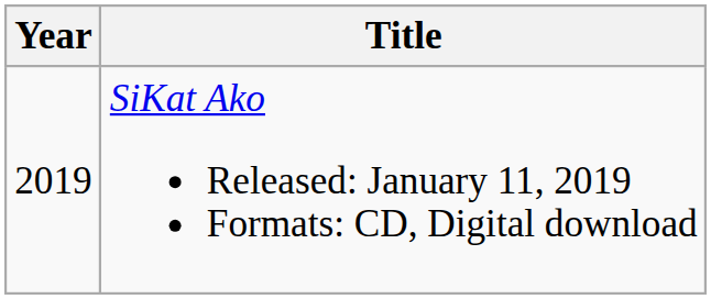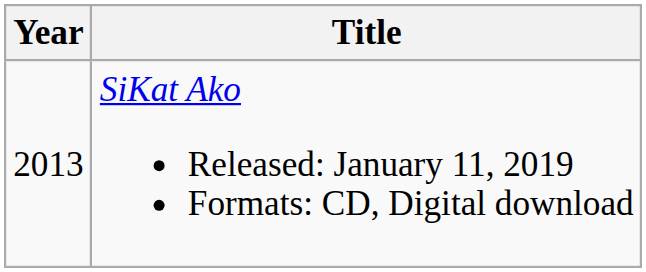 <table class="wikitable">
 <tr>
 <th>Year</th>
 <th>Title</th>
 </tr>
 <tr>
-<td>2019</td>
+<td>2013</td>
 <td><em><a href='#'>SiKat Ako</a></em><br><ul><li>Released: January 11, 2019</li><li>Formats: CD, Digital download</li></ul></td>
 </tr>
 </table>
